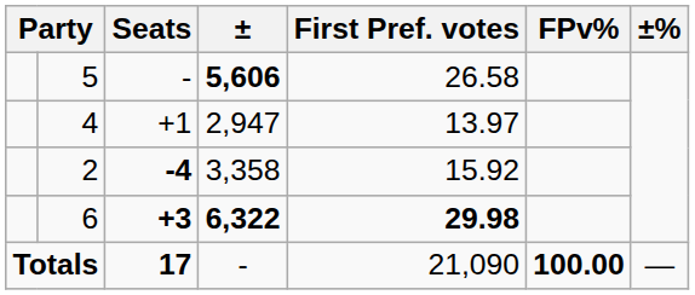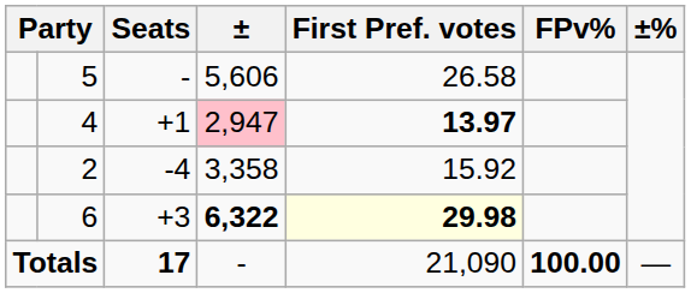 <table class=wikitable>
 <tr>
 <th colspan=2 align=center>Party</th>
 <th valign=top>Seats</th>
 <th valign=top>±</th>
 <th valign=top>First Pref. votes</th>
 <th valign=top>FPv%</th>
 <th valign=top>±%</th>
 </tr>
 <tr>
 <td></td>
 <td align=right>5</td>
 <td align=right>-</td>
-<td align=right><strong>5,606</strong></td>
+<td align=right>5,606</td>
 <td align=right>26.58</td>
 <td align=right></td>
 </tr>
 <tr>
 <td></td>
 <td align=right>4</td>
 <td align=right>+1</td>
-<td align=right>2,947</td>
-<td align=right>13.97</td>
+<td align=right style="background: pink;">2,947</td>
+<td align=right><strong>13.97</strong></td>
 <td align=right></td>
 </tr>
 <tr>
 <td></td>
 <td align=right>2</td>
-<td align=right><strong>-4</strong></td>
+<td align=right>-4</td>
 <td align=right>3,358</td>
 <td align=right>15.92</td>
 <td align=right></td>
 </tr>
 <tr>
 <td></td>
 <td align=right>6</td>
-<td align=right><strong>+3</strong></td>
+<td align=right>+3</td>
 <td align=right><strong>6,322</strong></td>
-<td align=right><strong>29.98</strong></td>
+<td align=right style="background: lightyellow;"><strong>29.98</strong></td>
 <td align=right></td>
 </tr>
 <tr>
 <td colspan=2 align=center><strong>Totals</strong></td>
 <td align=right><strong>17</strong></td>
 <td align=center>-</td>
 <td align=right>21,090</td>
 <td align=center><strong>100.00</strong></td>
 <td align=center>—</td>
 </tr>
 </table>
